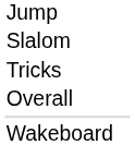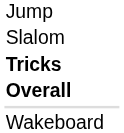 <table>
 <tr>
 <td>Jump <br></td>
 <td></td>
 <td></td>
 <td></td>
 </tr>
 <tr>
 <td>Slalom <br></td>
 <td></td>
 <td></td>
 <td></td>
 </tr>
 <tr>
-<td>Tricks <br></td>
+<td><strong>Tricks <br></strong></td>
 <td></td>
 <td></td>
 <td></td>
 </tr>
 <tr>
-<td>Overall <br></td>
+<td><strong>Overall <br></strong></td>
 <td></td>
 <td></td>
 <td></td>
 </tr>
 <tr bgcolor=#DDDDDD>
 <td colspan=7></td>
 </tr>
 <tr>
 <td>Wakeboard <br></td>
 <td></td>
 <td></td>
 <td></td>
 </tr>
 </table>
